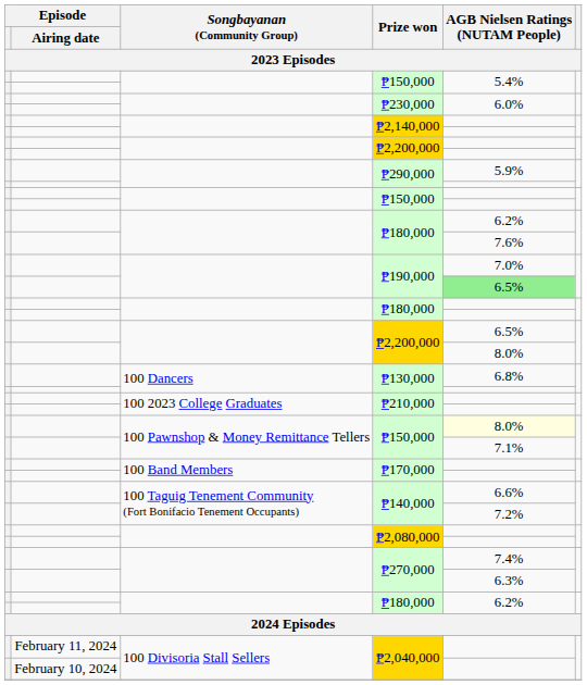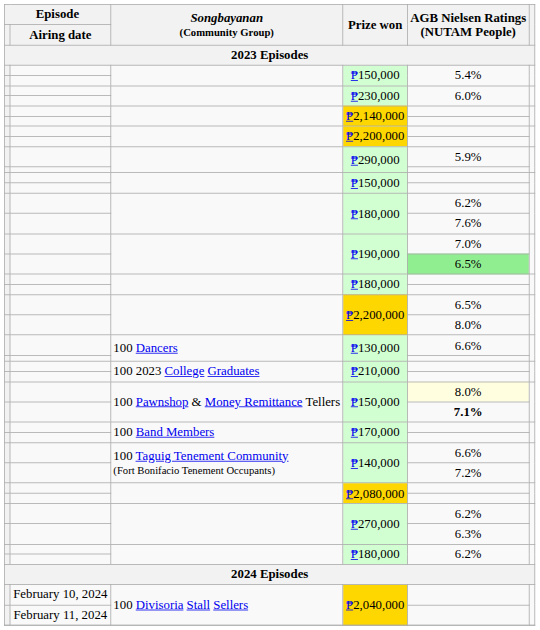 <table class="wikitable plainrowheaders" style="text-align:center;">
 <tr>
 <th colspan="2">Episode</th>
 <th rowspan="2"><em>Songbayanan</em><br><small>(Community Group)</small></th>
 <th rowspan="2">Prize won</th>
 <th rowspan="2">AGB Nielsen Ratings<br>(NUTAM People)</th>
 <th rowspan="2"></th>
 </tr>
 <tr>
 <th></th>
 <th>Airing date</th>
 </tr>
 <tr>
 <th colspan="6">2023 Episodes</th>
 </tr>
 <tr>
 <th></th>
 <td></td>
 <td rowspan="2" align="left"></td>
 <td rowspan="2" style="background:#D2FFD2;"><a href='#'>₱</a>150,000</td>
 <td rowspan="2">5.4%</td>
 <td rowspan="2"></td>
 </tr>
 <tr>
 <th></th>
 <td></td>
 </tr>
 <tr>
 <th></th>
 <td></td>
 <td rowspan="2" align="left"></td>
 <td rowspan="2" style="background:#D2FFD2;"><a href='#'>₱</a>230,000</td>
 <td rowspan="2">6.0%</td>
 <td rowspan="2"></td>
 </tr>
 <tr>
 <th></th>
 <td></td>
 </tr>
 <tr>
 <th></th>
 <td></td>
 <td rowspan="2" align="left"></td>
 <td rowspan="2" style="background:gold;"><a href='#'>₱</a>2,140,000</td>
 <td></td>
 <td rowspan="2"></td>
 </tr>
 <tr>
 <th></th>
 <td></td>
 <td></td>
 </tr>
 <tr>
 <th></th>
 <td></td>
 <td rowspan="2" align="left"></td>
 <td rowspan="2" style="background:gold;"><a href='#'>₱</a>2,200,000</td>
 <td></td>
 <td rowspan="2"></td>
 </tr>
 <tr>
 <th></th>
 <td></td>
 <td></td>
 </tr>
 <tr>
 <th></th>
 <td></td>
 <td rowspan="2" align="left"></td>
 <td rowspan="2" style="background:#D2FFD2;"><a href='#'>₱</a>290,000</td>
 <td>5.9%</td>
 <td rowspan="2"></td>
 </tr>
 <tr>
 <th></th>
 <td></td>
 <td></td>
 </tr>
 <tr>
 <th></th>
 <td></td>
 <td rowspan="2" align="left"></td>
 <td rowspan="2" style="background:#D2FFD2;"><a href='#'>₱</a>150,000</td>
 <td></td>
 <td rowspan="2"></td>
 </tr>
 <tr>
 <th></th>
 <td></td>
 <td></td>
 </tr>
 <tr>
 <th></th>
 <td></td>
 <td rowspan="2" align="left"></td>
 <td rowspan="2" style="background:#D2FFD2;"><a href='#'>₱</a>180,000</td>
 <td>6.2%</td>
 <td rowspan="2"></td>
 </tr>
 <tr>
 <th></th>
 <td></td>
 <td>7.6%</td>
 </tr>
 <tr>
 <th></th>
 <td></td>
 <td rowspan="2" align="left"></td>
 <td rowspan="2" style="background:#D2FFD2;"><a href='#'>₱</a>190,000</td>
 <td>7.0%</td>
 <td rowspan="2"></td>
 </tr>
 <tr>
 <th></th>
 <td></td>
 <td style="background: lightgreen;">6.5%</td>
 </tr>
 <tr>
 <th></th>
 <td></td>
 <td rowspan="2" align="left"></td>
 <td rowspan="2" style="background:#D2FFD2;"><a href='#'>₱</a>180,000</td>
 <td></td>
 <td rowspan="2"></td>
 </tr>
 <tr>
 <th></th>
 <td></td>
 <td></td>
 </tr>
 <tr>
 <th></th>
 <td></td>
 <td rowspan="2" align="left"></td>
 <td rowspan="2" style="background:gold;"><a href='#'>₱</a>2,200,000</td>
 <td>6.5%</td>
 <td rowspan="2"></td>
 </tr>
 <tr>
 <th></th>
 <td></td>
 <td>8.0%</td>
 </tr>
 <tr>
 <th></th>
 <td></td>
 <td rowspan="2" align="left">100 <a href='#'>Dancers</a></td>
 <td rowspan="2" style="background:#D2FFD2;"><a href='#'>₱</a>130,000</td>
-<td rowspan-"2">6.8%</td>
+<td rowspan-"2">6.6%</td>
 <td rowspan="2"></td>
 </tr>
 <tr>
 <th></th>
 <td></td>
 <td></td>
 </tr>
 <tr>
 <th></th>
 <td></td>
 <td rowspan="2" align="left">100 2023 <a href='#'>College</a> <a href='#'>Graduates</a></td>
 <td rowspan="2" style="background:#D2FFD2;"><a href='#'>₱</a>210,000</td>
 <td></td>
 <td rowspan="2"></td>
 </tr>
 <tr>
 <th></th>
 <td></td>
 <td></td>
 </tr>
 <tr>
 <th></th>
 <td></td>
 <td rowspan="2" align="left">100 <a href='#'>Pawnshop</a> & <a href='#'>Money Remittance</a> Tellers</td>
 <td rowspan="2" style="background:#D2FFD2;"><a href='#'>₱</a>150,000</td>
 <td style="background: lightyellow;">8.0%</td>
 <td rowspan="2"></td>
 </tr>
 <tr>
 <th></th>
 <td></td>
-<td>7.1%</td>
+<td><strong>7.1%</strong></td>
 </tr>
 <tr>
 <th></th>
 <td></td>
 <td rowspan="2" align="left">100 <a href='#'>Band Members</a></td>
 <td rowspan="2" style="background:#D2FFD2;"><a href='#'>₱</a>170,000</td>
 <td></td>
 <td rowspan="2"></td>
 </tr>
 <tr>
 <th></th>
 <td></td>
 <td></td>
 </tr>
 <tr>
 <th></th>
 <td></td>
 <td rowspan="2" align="left">100 <a href='#'>Taguig Tenement Community</a><br><small>(Fort Bonifacio Tenement Occupants)</small></td>
 <td rowspan="2" style="background:#D2FFD2;"><a href='#'>₱</a>140,000</td>
 <td>6.6%</td>
 <td rowspan="2"></td>
 </tr>
 <tr>
 <th></th>
 <td></td>
 <td>7.2%</td>
 </tr>
 <tr>
 <th></th>
 <td></td>
 <td rowspan="2" align="left"></td>
 <td rowspan="2" style="background:gold;"><a href='#'>₱</a>2,080,000</td>
 <td></td>
 <td rowspan="2"></td>
 </tr>
 <tr>
 <th></th>
 <td></td>
 <td></td>
 </tr>
 <tr>
 <th></th>
 <td></td>
 <td rowspan="2" align="left"></td>
 <td rowspan="2" style="background:#D2FFD2;"><a href='#'>₱</a>270,000</td>
-<td>7.4%</td>
+<td>6.2%</td>
 <td rowspan="2"></td>
 </tr>
 <tr>
 <th></th>
 <td></td>
 <td>6.3%</td>
 </tr>
 <tr>
 <th></th>
 <td></td>
 <td rowspan="2" align="left"></td>
 <td rowspan="2" style="background:#D2FFD2;"><a href='#'>₱</a>180,000</td>
 <td rowspan="2">6.2%</td>
 <td rowspan="2"></td>
 </tr>
 <tr>
 <th></th>
 <td></td>
 </tr>
 <tr>
 <th colspan="6">2024 Episodes</th>
 </tr>
 <tr>
 <th></th>
-<td>February 11, 2024</td>
+<td>February 10, 2024</td>
 <td rowspan="2" align="left">100 <a href='#'>Divisoria</a> <a href='#'>Stall</a> <a href='#'>Sellers</a></td>
 <td rowspan="2" style="background:gold;"><a href='#'>₱</a>2,040,000</td>
 <td></td>
 <td rowspan="2"></td>
 </tr>
 <tr>
 <th></th>
-<td>February 10, 2024</td>
+<td>February 11, 2024</td>
 <td></td>
 </tr>
 <tr>
 </tr>
 </table>
